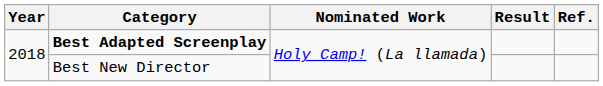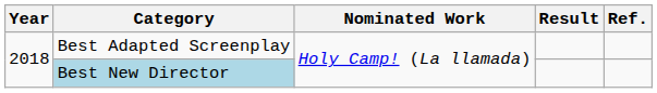 <table class="wikitable">
 <tr>
 <th>Year</th>
 <th>Category</th>
 <th>Nominated Work</th>
 <th>Result</th>
 <th>Ref.</th>
 </tr>
 <tr>
 <td rowspan="2">2018</td>
-<td><strong>Best Adapted Screenplay</strong></td>
+<td>Best Adapted Screenplay</td>
 <td rowspan="2"><em><a href='#'>Holy Camp!</a></em> (<em>La llamada</em>)</td>
 <td></td>
 <td></td>
 </tr>
 <tr>
-<td>Best New Director</td>
+<td style="background: lightblue;">Best New Director</td>
 <td></td>
 <td></td>
 </tr>
 </table>
